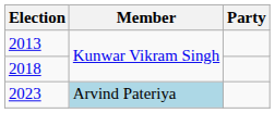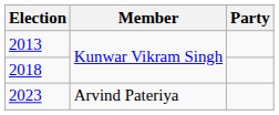 <table class="wikitable sortable">
 <tr>
 <th>Election</th>
 <th>Member</th>
 <th colspan=2>Party</th>
 </tr>
 <tr>
 <td><a href='#'>2013</a></td>
 <td rowspan=2><a href='#'>Kunwar Vikram Singh</a></td>
 <td></td>
 </tr>
 <tr>
 <td><a href='#'>2018</a></td>
 </tr>
 <tr>
 <td><a href='#'>2023</a></td>
-<td style="background: lightblue;">Arvind Pateriya</td>
+<td>Arvind Pateriya</td>
 <td></td>
 </tr>
 </table>
